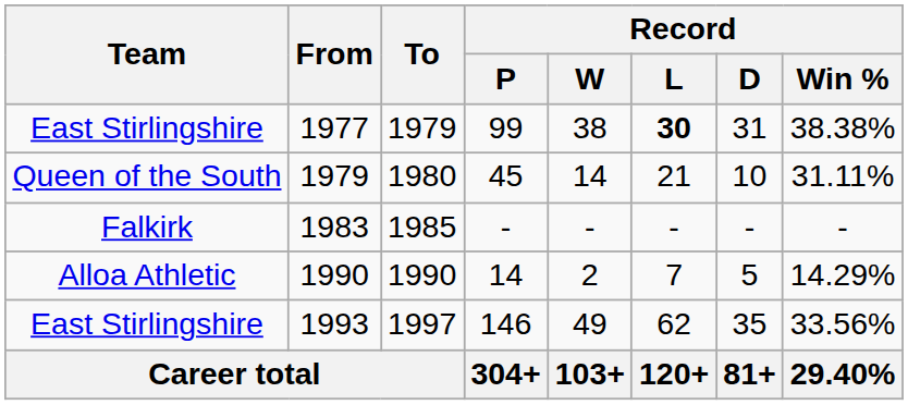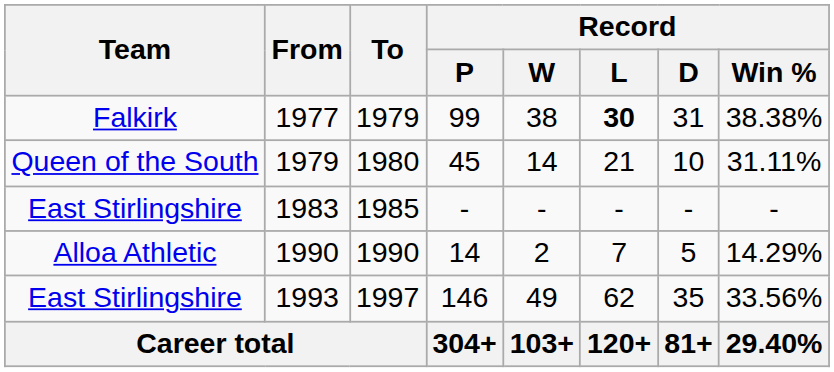 <table class="wikitable" style="text-align:center">
 <tr>
 <th rowspan="2">Team</th>
 <th rowspan="2">From</th>
 <th rowspan="2">To</th>
 <th colspan="5">Record</th>
 </tr>
 <tr>
 <th>P</th>
 <th>W</th>
 <th>L</th>
 <th>D</th>
 <th>Win %</th>
 </tr>
 <tr>
-<td><a href='#'>East Stirlingshire</a></td>
+<td><a href='#'>Falkirk</a></td>
 <td>1977</td>
 <td>1979</td>
 <td>99</td>
 <td>38</td>
 <td><strong>30</strong></td>
 <td>31</td>
 <td>38.38%</td>
 </tr>
 <tr>
 <td><a href='#'>Queen of the South</a></td>
 <td>1979</td>
 <td>1980</td>
 <td>45</td>
 <td>14</td>
 <td>21</td>
 <td>10</td>
 <td>31.11%</td>
 </tr>
 <tr>
-<td><a href='#'>Falkirk</a></td>
+<td><a href='#'>East Stirlingshire</a></td>
 <td>1983</td>
 <td>1985</td>
 <td>-</td>
 <td>-</td>
 <td>-</td>
 <td>-</td>
 <td>-</td>
 </tr>
 <tr>
 <td><a href='#'>Alloa Athletic</a></td>
 <td>1990</td>
 <td>1990</td>
 <td>14</td>
 <td>2</td>
 <td>7</td>
 <td>5</td>
 <td>14.29%</td>
 </tr>
 <tr>
 <td><a href='#'>East Stirlingshire</a></td>
 <td>1993</td>
 <td>1997</td>
 <td>146</td>
 <td>49</td>
 <td>62</td>
 <td>35</td>
 <td>33.56%</td>
 </tr>
 <tr>
 <th colspan="3">Career total</th>
 <th>304+</th>
 <th>103+</th>
 <th>120+</th>
 <th>81+</th>
 <th>29.40%</th>
 </tr>
 </table>
